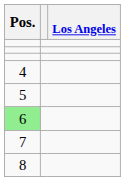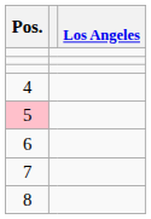 <table class="wikitable sortable" style="text-align:center;">
 <tr bgcolor="#efefef">
 <th style="width:2em;">Pos.</th>
 <th></th>
 <th style="width:5.2em;;font-size:85%;vertical-align:top;padding-left:4px;;padding-right:4px;;"><br><a href='#'>Los Angeles</a></th>
 </tr>
 <tr>
 <td></td>
 <td colspan="2" align="left"></td>
 </tr>
 <tr>
 <td></td>
 <td colspan="2" align="left"></td>
 </tr>
 <tr>
 <td></td>
 <td colspan="2" align="left"></td>
 </tr>
 <tr>
 <td>4</td>
 <td colspan="2" align="left"></td>
 </tr>
 <tr>
-<td>5</td>
+<td style="background: pink;">5</td>
 <td colspan="2" align="left"></td>
 </tr>
 <tr>
-<td style="background: lightgreen;">6</td>
+<td>6</td>
 <td colspan="2" align="left"></td>
 </tr>
 <tr>
 <td>7</td>
 <td colspan="2" align="left"></td>
 </tr>
 <tr>
 <td>8</td>
 <td colspan="2" align="left"></td>
 </tr>
 </table>
